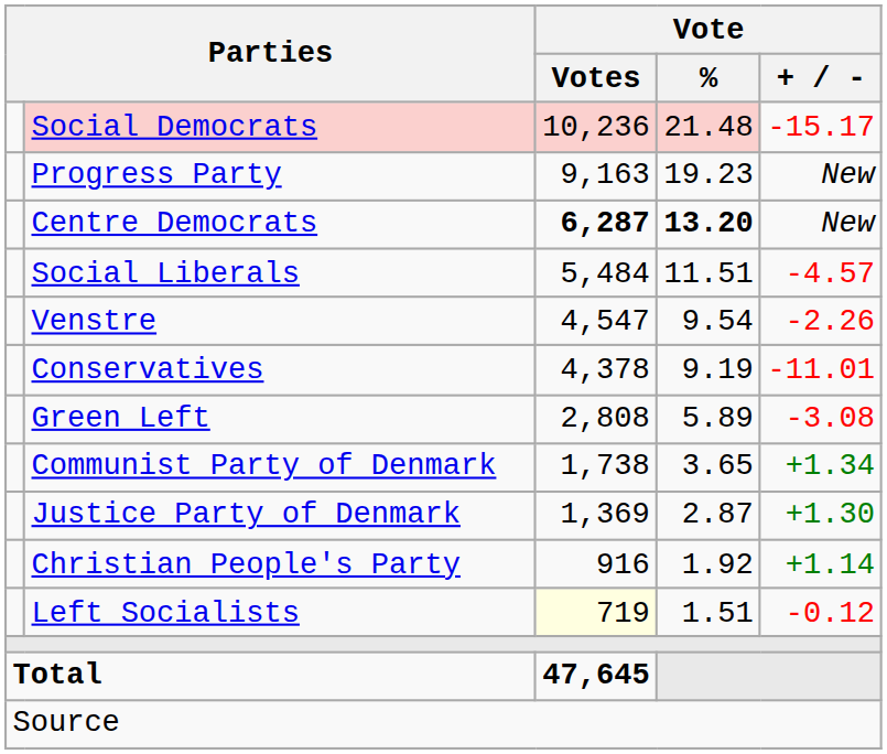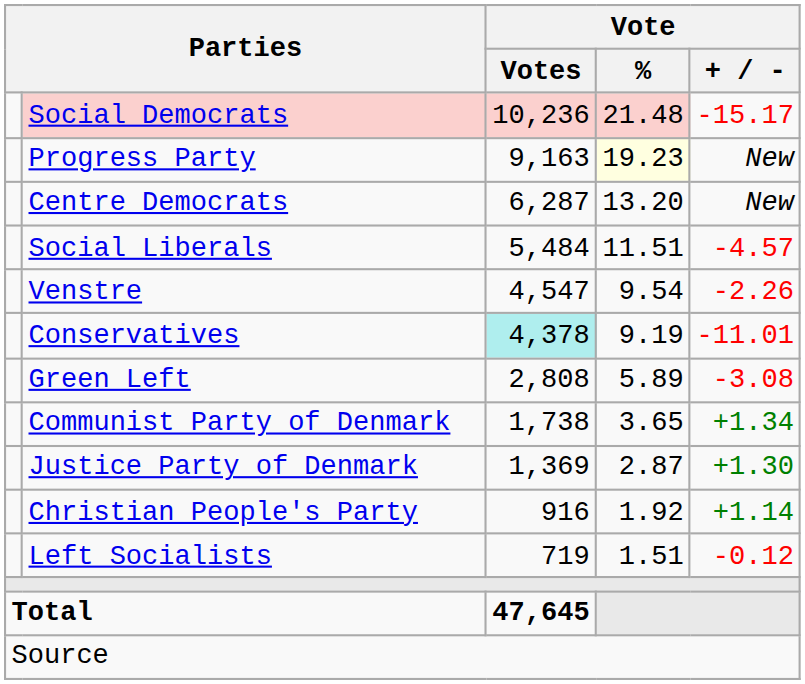 <table class="wikitable" style="text-align:right;">
 <tr>
 <th style="text-align:centre;" rowspan="2" colspan="2" width="225">Parties</th>
 <th colspan="3">Vote</th>
 </tr>
 <tr>
 <th width="15">Votes</th>
 <th width="15">%</th>
 <th width="15">+ / -</th>
 </tr>
 <tr>
 <td width="2" style="color:inherit;background:"></td>
 <td bgcolor=#fbd0ce  align="left"><a href='#'>Social Democrats</a></td>
 <td bgcolor=#fbd0ce>10,236</td>
 <td bgcolor=#fbd0ce>21.48</td>
 <td style=color:red;>-15.17</td>
 </tr>
 <tr>
 <td width="2" style="color:inherit;background:"></td>
 <td align="left"><a href='#'>Progress Party</a></td>
 <td>9,163</td>
-<td>19.23</td>
+<td style="background: lightyellow;">19.23</td>
 <td><em>New</em></td>
 </tr>
 <tr>
 <td width="2" style="color:inherit;background:"></td>
 <td align="left"><a href='#'>Centre Democrats</a></td>
-<td><strong>6,287</strong></td>
-<td><strong>13.20</strong></td>
+<td>6,287</td>
+<td>13.20</td>
 <td><em>New</em></td>
 </tr>
 <tr>
 <td width="2" style="color:inherit;background:"></td>
 <td align="left"><a href='#'>Social Liberals</a></td>
 <td>5,484</td>
 <td>11.51</td>
 <td style=color:red;>-4.57</td>
 </tr>
 <tr>
 <td width="2" style="color:inherit;background:"></td>
 <td align="left"><a href='#'>Venstre</a></td>
 <td>4,547</td>
 <td>9.54</td>
 <td style=color:red;>-2.26</td>
 </tr>
 <tr>
 <td width="2" style="color:inherit;background:"></td>
 <td align="left"><a href='#'>Conservatives</a></td>
-<td>4,378</td>
+<td style="background: paleturquoise;">4,378</td>
 <td>9.19</td>
 <td style=color:red;>-11.01</td>
 </tr>
 <tr>
 <td width="2" style="color:inherit;background:"></td>
 <td align="left"><a href='#'>Green Left</a></td>
 <td>2,808</td>
 <td>5.89</td>
 <td style=color:red;>-3.08</td>
 </tr>
 <tr>
 <td width="2" style="color:inherit;background:"></td>
 <td align="left"><a href='#'>Communist Party of Denmark</a></td>
 <td>1,738</td>
 <td>3.65</td>
 <td style=color:green;>+1.34</td>
 </tr>
 <tr>
 <td width="2" style="color:inherit;background:"></td>
 <td align="left"><a href='#'>Justice Party of Denmark</a></td>
 <td>1,369</td>
 <td>2.87</td>
 <td style=color:green;>+1.30</td>
 </tr>
 <tr>
 <td width="2" style="color:inherit;background:"></td>
 <td align="left"><a href='#'>Christian People's Party</a></td>
 <td>916</td>
 <td>1.92</td>
 <td style=color:green;>+1.14</td>
 </tr>
 <tr>
 <td width="2" style="color:inherit;background:"></td>
 <td align="left"><a href='#'>Left Socialists</a></td>
-<td style="background: lightyellow;">719</td>
+<td>719</td>
 <td>1.51</td>
 <td style=color:red;>-0.12</td>
 </tr>
 <tr>
 <td colspan="7" bgcolor="#E9E9E9"></td>
 </tr>
 <tr>
 <td align="left" colspan="2"><strong>Total</strong></td>
 <td><strong>47,645</strong></td>
 <td bgcolor="#E9E9E9" colspan="2"></td>
 </tr>
 <tr>
 <td align="left" colspan="6">Source</td>
 </tr>
 </table>
